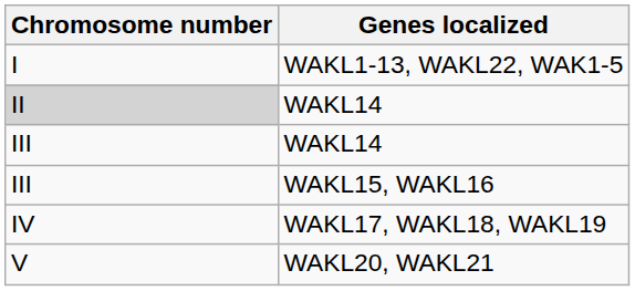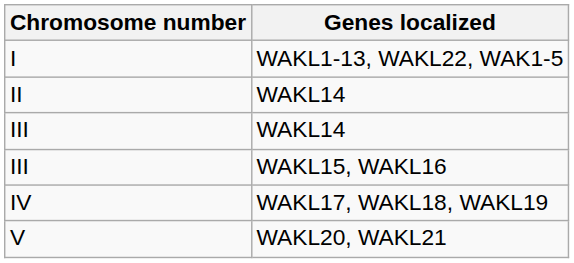 <table class="wikitable">
 <tr>
 <th>Chromosome number</th>
 <th>Genes localized</th>
 </tr>
 <tr>
 <td>I</td>
 <td>WAKL1-13, WAKL22, WAK1-5</td>
 </tr>
 <tr>
-<td style="background: lightgrey;">II</td>
+<td>II</td>
 <td>WAKL14</td>
 </tr>
 <tr>
 <td>III</td>
 <td>WAKL14</td>
 </tr>
 <tr>
 <td>III</td>
 <td>WAKL15, WAKL16</td>
 </tr>
 <tr>
 <td>IV</td>
 <td>WAKL17, WAKL18, WAKL19</td>
 </tr>
 <tr>
 <td>V</td>
 <td>WAKL20, WAKL21</td>
 </tr>
 </table>
